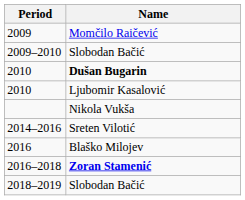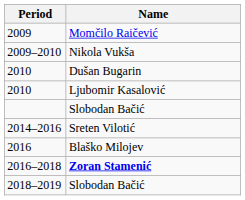 <table class="wikitable">
 <tr>
 <th width="75">Period</th>
 <th width="225">Name</th>
 </tr>
 <tr>
 <td>2009</td>
 <td> <a href='#'>Momčilo Raičević</a></td>
 </tr>
 <tr>
 <td>2009–2010</td>
-<td> Slobodan Bačić</td>
+<td> Nikola Vukša</td>
 </tr>
 <tr>
 <td>2010</td>
-<td><strong> Dušan Bugarin</strong></td>
+<td> Dušan Bugarin</td>
 </tr>
 <tr>
 <td>2010</td>
 <td> Ljubomir Kasalović</td>
 </tr>
 <tr>
 <td></td>
-<td> Nikola Vukša</td>
+<td> Slobodan Bačić</td>
 </tr>
 <tr>
 <td>2014–2016</td>
 <td> Sreten Vilotić</td>
 </tr>
 <tr>
 <td>2016</td>
 <td> Blaško Milojev</td>
 </tr>
 <tr>
 <td>2016–2018</td>
 <td><strong> <a href='#'>Zoran Stamenić</a></strong></td>
 </tr>
 <tr>
 <td>2018–2019</td>
 <td> Slobodan Bačić</td>
 </tr>
 </table>
